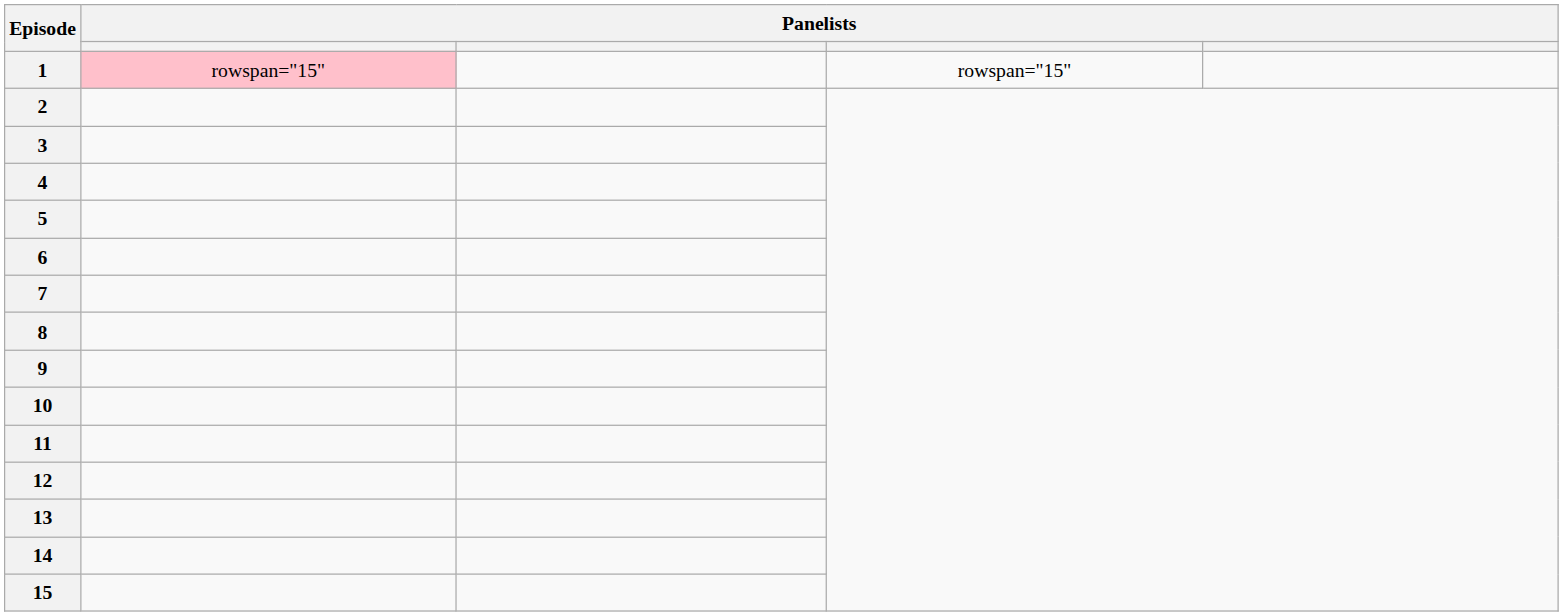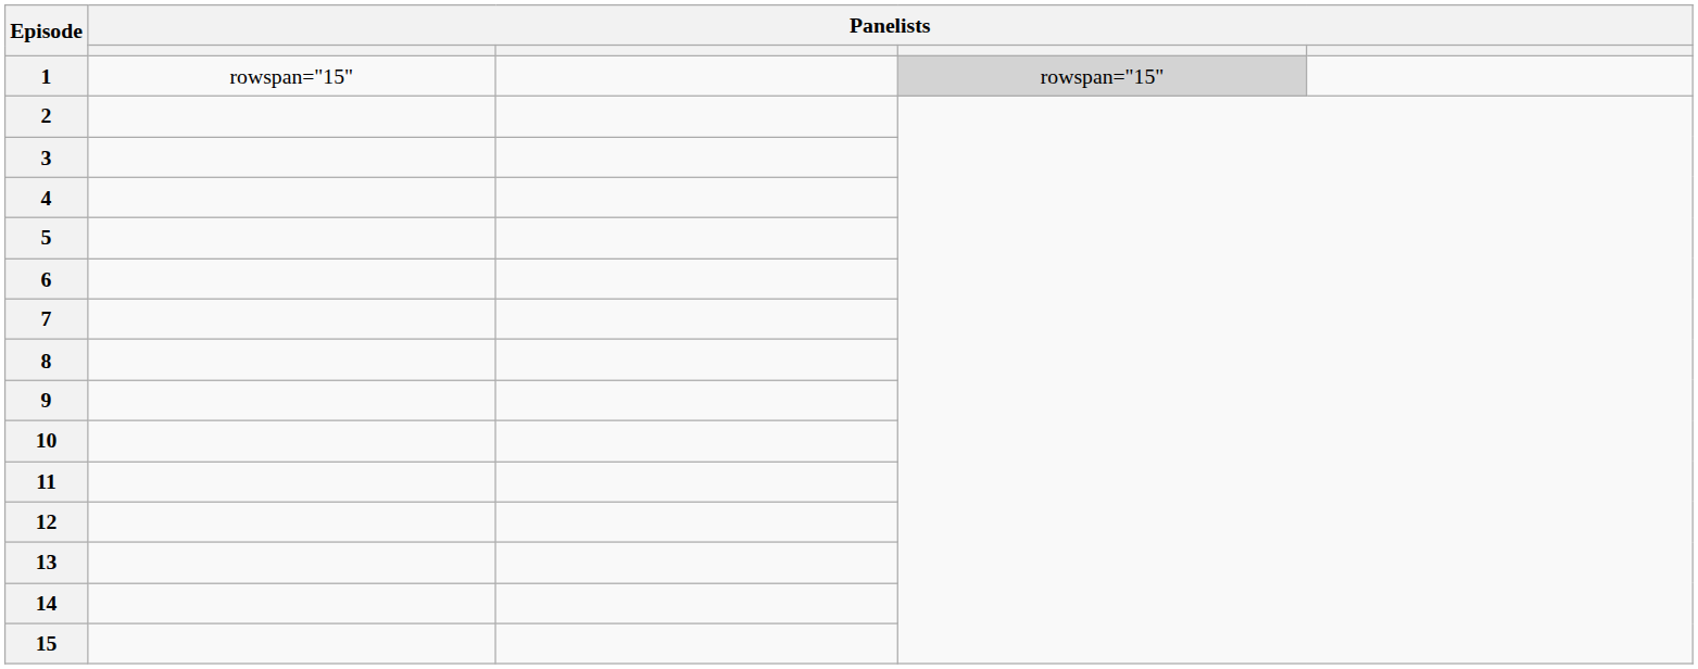 <table class="wikitable plainrowheaders mw-collapsible" style="text-align:center; line-height:23px; width:100%;">
 <tr>
 <th rowspan=2 width=1%>Episode</th>
 <th colspan=4>Panelists</th>
 </tr>
 <tr>
 <th width="25%"></th>
 <th width="25%"></th>
 <th width="25%"></th>
 <th width="25%"></th>
 </tr>
 <tr>
 <th>1</th>
-<td style="background: pink;">rowspan="15" </td>
+<td>rowspan="15" </td>
 <td></td>
-<td>rowspan="15" </td>
+<td style="background: lightgrey;">rowspan="15" </td>
 <td></td>
 </tr>
 <tr>
 <th>2</th>
 <td></td>
 <td></td>
 </tr>
 <tr>
 <th>3</th>
 <td></td>
 <td></td>
 </tr>
 <tr>
 <th>4</th>
 <td></td>
 <td></td>
 </tr>
 <tr>
 <th>5</th>
 <td></td>
 <td></td>
 </tr>
 <tr>
 <th>6</th>
 <td></td>
 <td></td>
 </tr>
 <tr>
 <th>7</th>
 <td></td>
 <td></td>
 </tr>
 <tr>
 <th>8</th>
 <td></td>
 <td></td>
 </tr>
 <tr>
 <th>9</th>
 <td></td>
 <td></td>
 </tr>
 <tr>
 <th>10</th>
 <td></td>
 <td></td>
 </tr>
 <tr>
 <th>11</th>
 <td></td>
 <td></td>
 </tr>
 <tr>
 <th>12</th>
 <td></td>
 <td></td>
 </tr>
 <tr>
 <th>13</th>
 <td></td>
 <td></td>
 </tr>
 <tr>
 <th>14</th>
 <td></td>
 <td></td>
 </tr>
 <tr>
 <th>15</th>
 <td></td>
 <td></td>
 </tr>
 </table>
